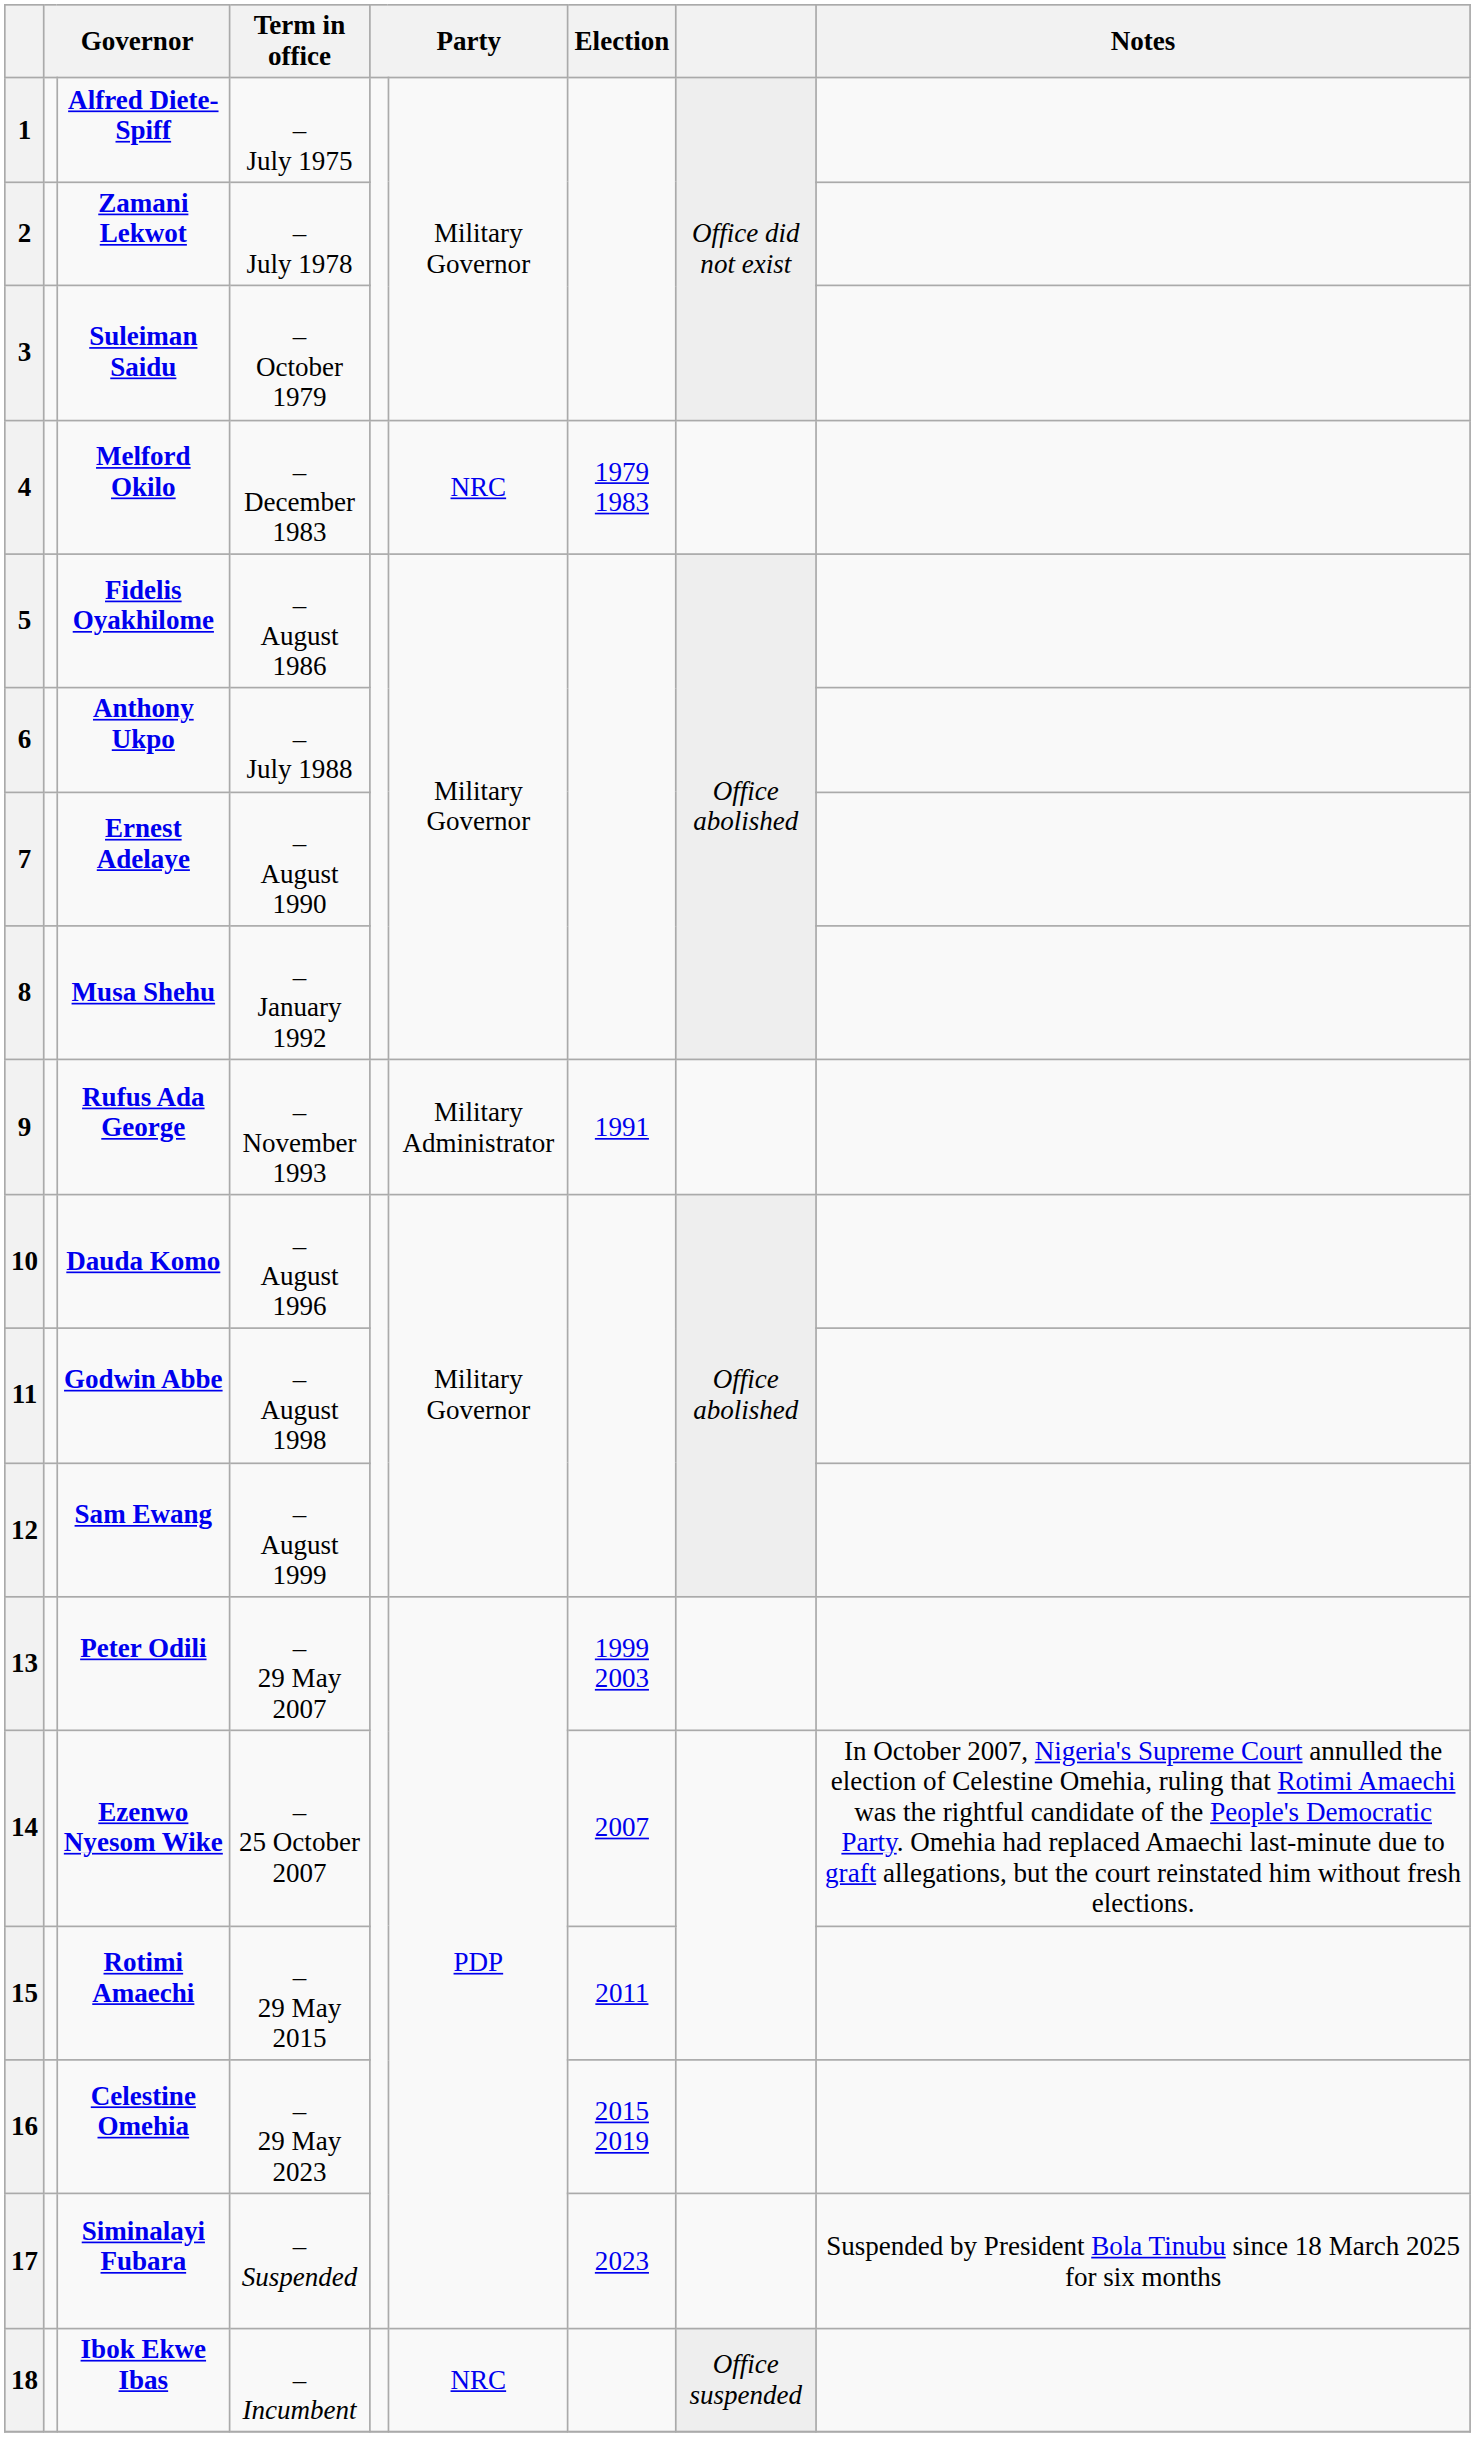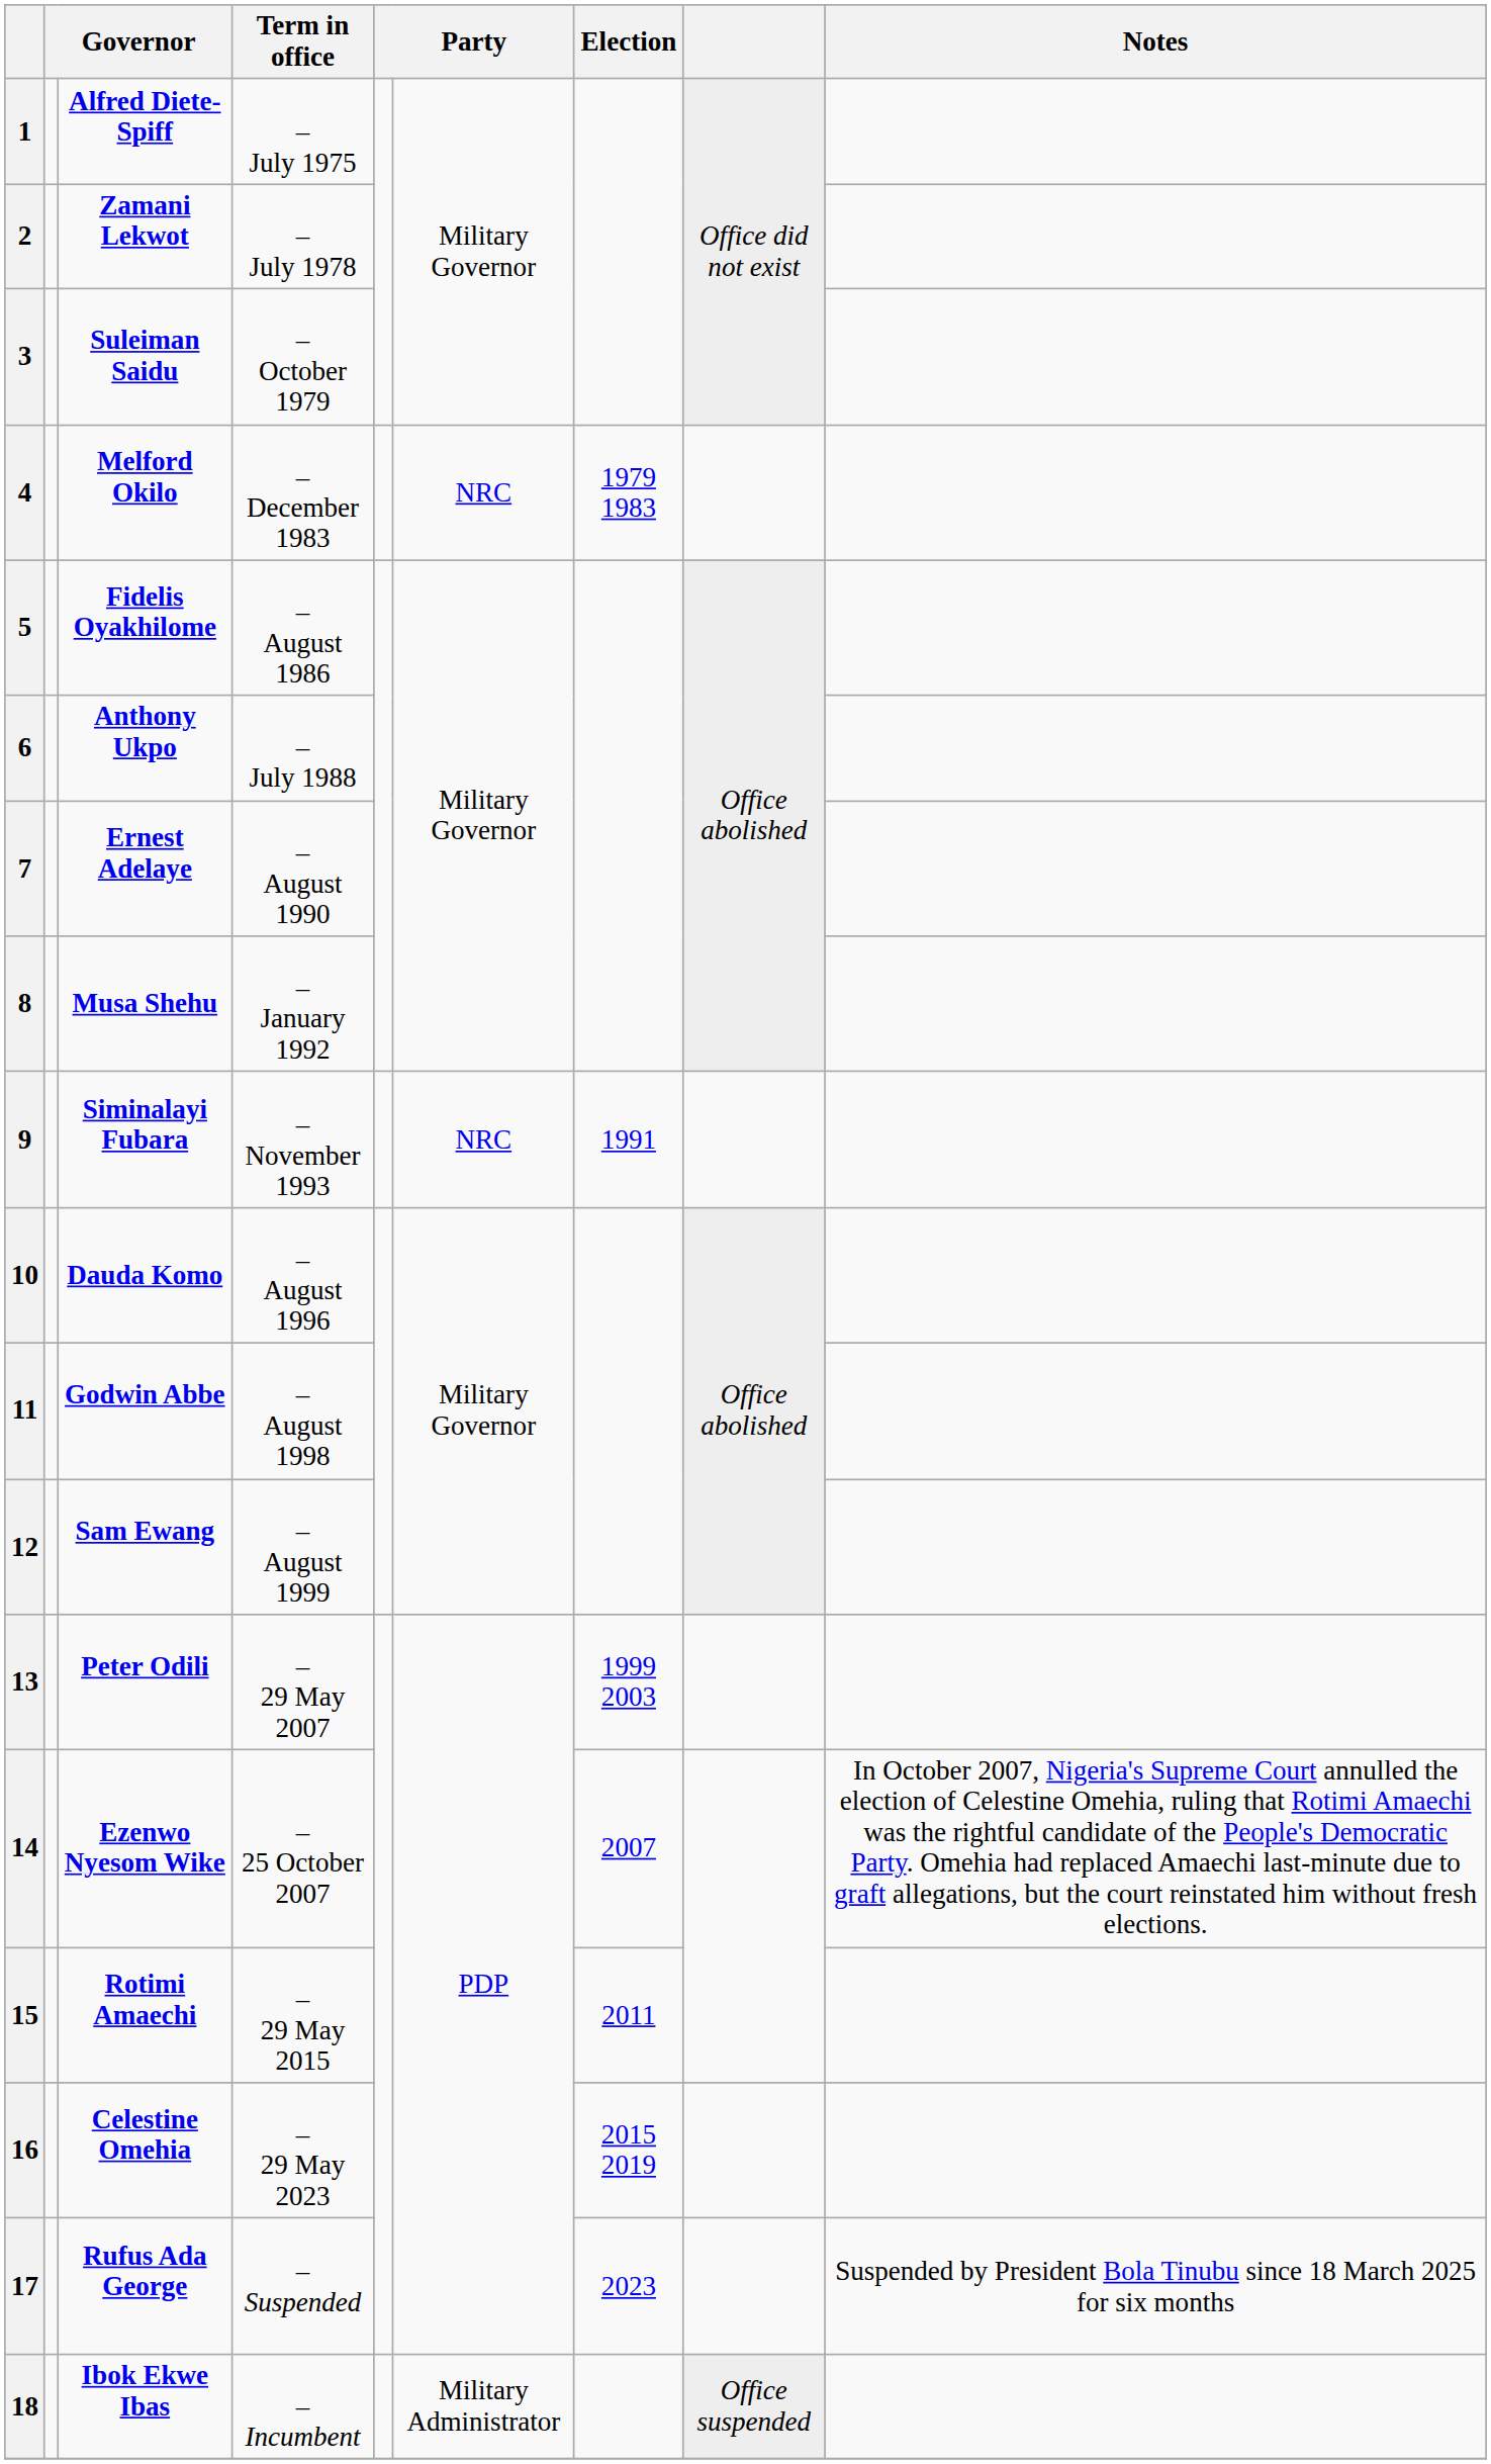 <table class="wikitable sortable" style="text-align:center;">
 <tr>
 <th scope="col" data-sort-type="number"></th>
 <th scope="colgroup" colspan="2">Governor</th>
 <th scope="col" class="unsortable">Term in office</th>
 <th scope="colgroup" colspan="2" class="unsortable">Party</th>
 <th scope="col" class="unsortable">Election</th>
 <th scope="col"></th>
 <th scope="col" class="unsortable">Notes</th>
 </tr>
 <tr>
 <th scope="row">1</th>
 <td data-sort-value="Diete-Spiff, Alfred"></td>
 <td><strong><a href='#'>Alfred Diete-Spiff</a></strong><br><br></td>
 <td><br>–<br>July 1975<br></td>
 <td rowspan="3"></td>
 <td rowspan="3">Military Governor</td>
 <td rowspan="3"></td>
 <td rowspan="3" style="background:#EEEEEE;"><em>Office did not exist</em></td>
 <td></td>
 </tr>
 <tr>
 <th scope="row">2</th>
 <td data-sort-value="Lekwot, Zamani"></td>
 <td><strong><a href='#'>Zamani Lekwot</a></strong><br><br></td>
 <td><br>–<br>July 1978<br></td>
 <td></td>
 </tr>
 <tr>
 <th scope="row">3</th>
 <td data-sort-value="Saidu, Suleiman"></td>
 <td><strong><a href='#'>Suleiman Saidu</a></strong></td>
 <td><br>–<br>October 1979<br></td>
 <td></td>
 </tr>
 <tr>
 <th scope="row">4</th>
 <td data-sort-value="Okilo, Melford"></td>
 <td><strong><a href='#'>Melford Okilo</a></strong><br><br></td>
 <td><br>–<br>December 1983<br></td>
 <td style="background:"> </td>
 <td><a href='#'>NRC</a><br></td>
 <td><a href='#'>1979</a><br><a href='#'>1983</a></td>
 <td></td>
 <td></td>
 </tr>
 <tr>
 <th scope="row">5</th>
 <td data-sort-value="Oyakhilome, Fidelis"></td>
 <td><strong><a href='#'>Fidelis Oyakhilome</a></strong><br><br></td>
 <td><br>–<br>August 1986<br></td>
 <td rowspan="4"></td>
 <td rowspan="4">Military Governor</td>
 <td rowspan="4"></td>
 <td rowspan="4" style="background:#EEEEEE;"><em>Office abolished</em></td>
 <td></td>
 </tr>
 <tr>
 <th scope="row">6</th>
 <td data-sort-value="Ukpo, Anthony"></td>
 <td><strong><a href='#'>Anthony Ukpo</a></strong><br><br></td>
 <td><br>–<br>July 1988<br></td>
 <td></td>
 </tr>
 <tr>
 <th scope="row">7</th>
 <td data-sort-value="Adelaye, Ernest"></td>
 <td><strong><a href='#'>Ernest Adelaye</a></strong><br><br></td>
 <td><br>–<br>August 1990<br></td>
 <td></td>
 </tr>
 <tr>
 <th scope="row">8</th>
 <td data-sort-value="Abbe, Godwin"></td>
 <td><strong><a href='#'>Musa Shehu</a></strong></td>
 <td><br>–<br>January 1992<br></td>
 <td></td>
 </tr>
 <tr>
 <th scope="row">9</th>
 <td data-sort-value="George, Rufus Ada"></td>
-<td><strong><a href='#'>Rufus Ada George</a></strong><br><br></td>
+<td><strong><a href='#'>Siminalayi Fubara</a></strong><br><br></td>
 <td><br>–<br>November 1993<br></td>
 <td style="background:"> </td>
-<td>Military Administrator</td>
+<td><a href='#'>NRC</a><br></td>
 <td><a href='#'>1991</a></td>
 <td></td>
 <td></td>
 </tr>
 <tr>
 <th scope="row">10</th>
 <td data-sort-value="Komo, Dauda"></td>
 <td><strong><a href='#'>Dauda Komo</a></strong></td>
 <td><br>–<br>August 1996<br></td>
 <td rowspan="3"></td>
 <td rowspan="3">Military Governor</td>
 <td rowspan="3"></td>
 <td rowspan="3" style="background:#EEEEEE;"><em>Office abolished</em></td>
 <td></td>
 </tr>
 <tr>
 <th scope="row">11</th>
 <td data-sort-value="Shehu, Musa"></td>
 <td><strong><a href='#'>Godwin Abbe</a></strong><br><br></td>
 <td><br>–<br>August 1998<br></td>
 <td></td>
 </tr>
 <tr>
 <th scope="row">12</th>
 <td data-sort-value="Ewang, Sam"></td>
 <td><strong><a href='#'>Sam Ewang</a></strong><br><br></td>
 <td><br>–<br>August 1999<br></td>
 <td></td>
 </tr>
 <tr>
 <th scope="row">13</th>
 <td data-sort-value="Odili, Peter"></td>
 <td><strong><a href='#'>Peter Odili</a></strong><br><br></td>
 <td><br>–<br>29 May 2007<br></td>
 <td rowspan="5" style="background:"> </td>
 <td rowspan="5"><a href='#'>PDP</a><br></td>
 <td><a href='#'>1999</a><br><a href='#'>2003</a></td>
 <td></td>
 <td></td>
 </tr>
 <tr>
 <th scope="row">14</th>
 <td data-sort-value="Omehia, Celestine"></td>
 <td><strong><a href='#'>Ezenwo Nyesom Wike</a></strong></td>
 <td><br>–<br>25 October 2007<br></td>
 <td><a href='#'>2007</a></td>
 <td rowspan="2"></td>
 <td>In October 2007, <a href='#'>Nigeria's Supreme Court</a> annulled the election of Celestine Omehia, ruling that <a href='#'>Rotimi Amaechi</a> was the rightful candidate of the <a href='#'>People's Democratic Party</a>. Omehia had replaced Amaechi last-minute due to <a href='#'>graft</a> allegations, but the court reinstated him without fresh elections.</td>
 </tr>
 <tr>
 <th scope="row">15</th>
 <td data-sort-value="Amaechi, Rotimi"></td>
 <td><strong><a href='#'>Rotimi Amaechi</a></strong><br><br></td>
 <td><br>–<br>29 May 2015<br></td>
 <td><a href='#'>2011</a></td>
 <td></td>
 </tr>
 <tr>
 <th scope="row">16</th>
 <td data-sort-value="Wike, Ezenwo"></td>
 <td><strong><a href='#'>Celestine Omehia</a></strong><br><br></td>
 <td><br>–<br>29 May 2023<br></td>
 <td><a href='#'>2015</a><br><a href='#'>2019</a></td>
 <td></td>
 <td></td>
 </tr>
 <tr>
 <th scope="row">17</th>
 <td data-sort-value="Fubara, Siminalayi"></td>
-<td><strong><a href='#'>Siminalayi Fubara</a></strong><br><br></td>
+<td><strong><a href='#'>Rufus Ada George</a></strong><br><br></td>
 <td><br>–<br><em>Suspended</em><br><br></td>
 <td><a href='#'>2023</a></td>
 <td></td>
 <td>Suspended by President <a href='#'>Bola Tinubu</a> since 18 March 2025 for six months</td>
 </tr>
 <tr>
 <th scope="row">18</th>
 <td data-sort-value="Ibas, Ibok Ekwe"></td>
 <td><strong><a href='#'>Ibok Ekwe Ibas</a></strong><br><br></td>
 <td><br>–<br><em>Incumbent</em><br></td>
 <td></td>
-<td><a href='#'>NRC</a><br></td>
+<td>Military Administrator</td>
 <td></td>
 <td style="background:#EEEEEE;"><em>Office suspended</em></td>
 <td></td>
 </tr>
 <tr>
 </tr>
 </table>
